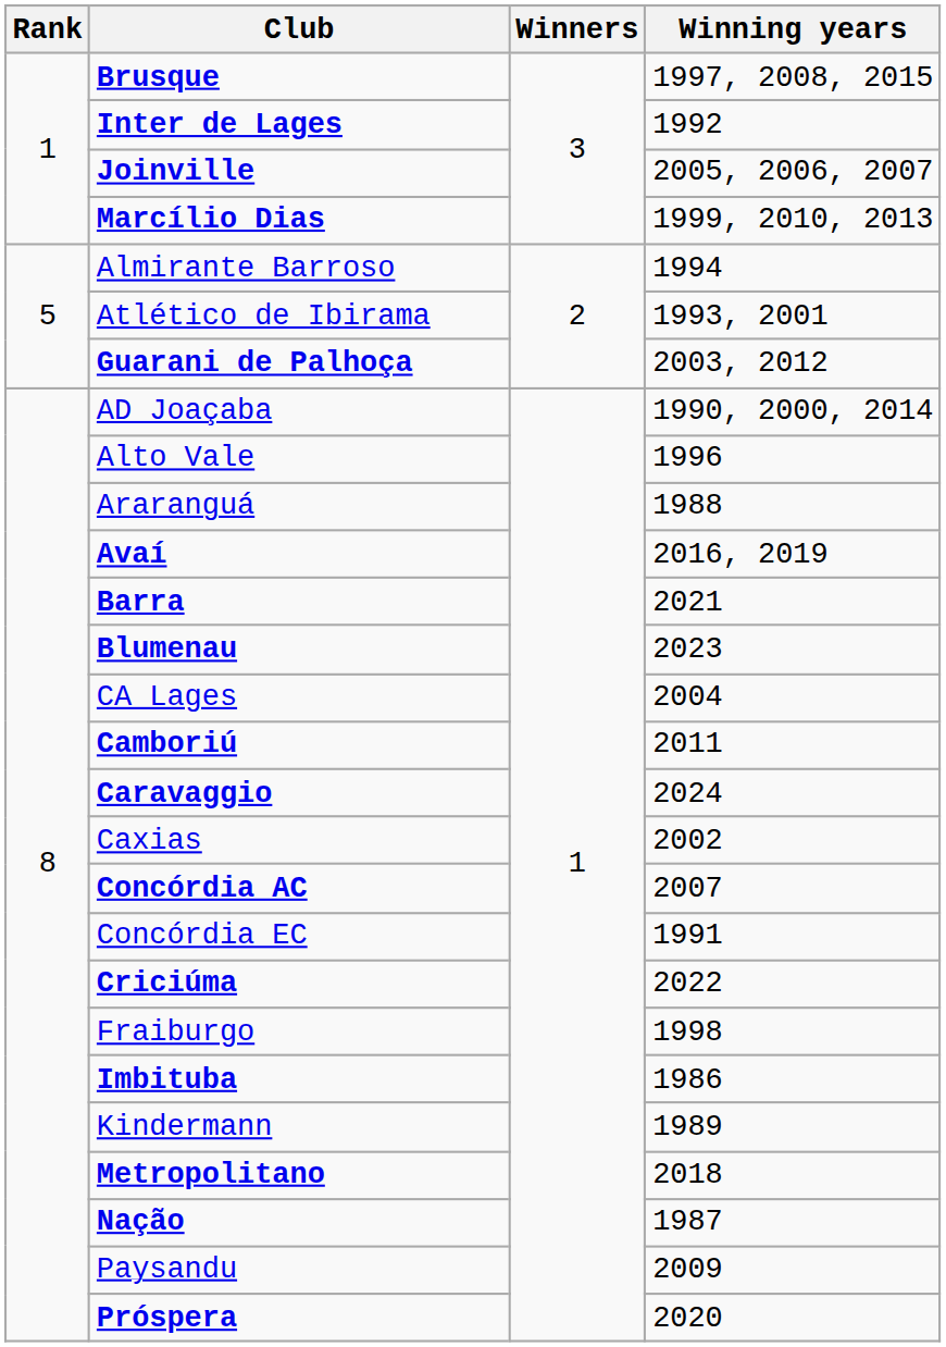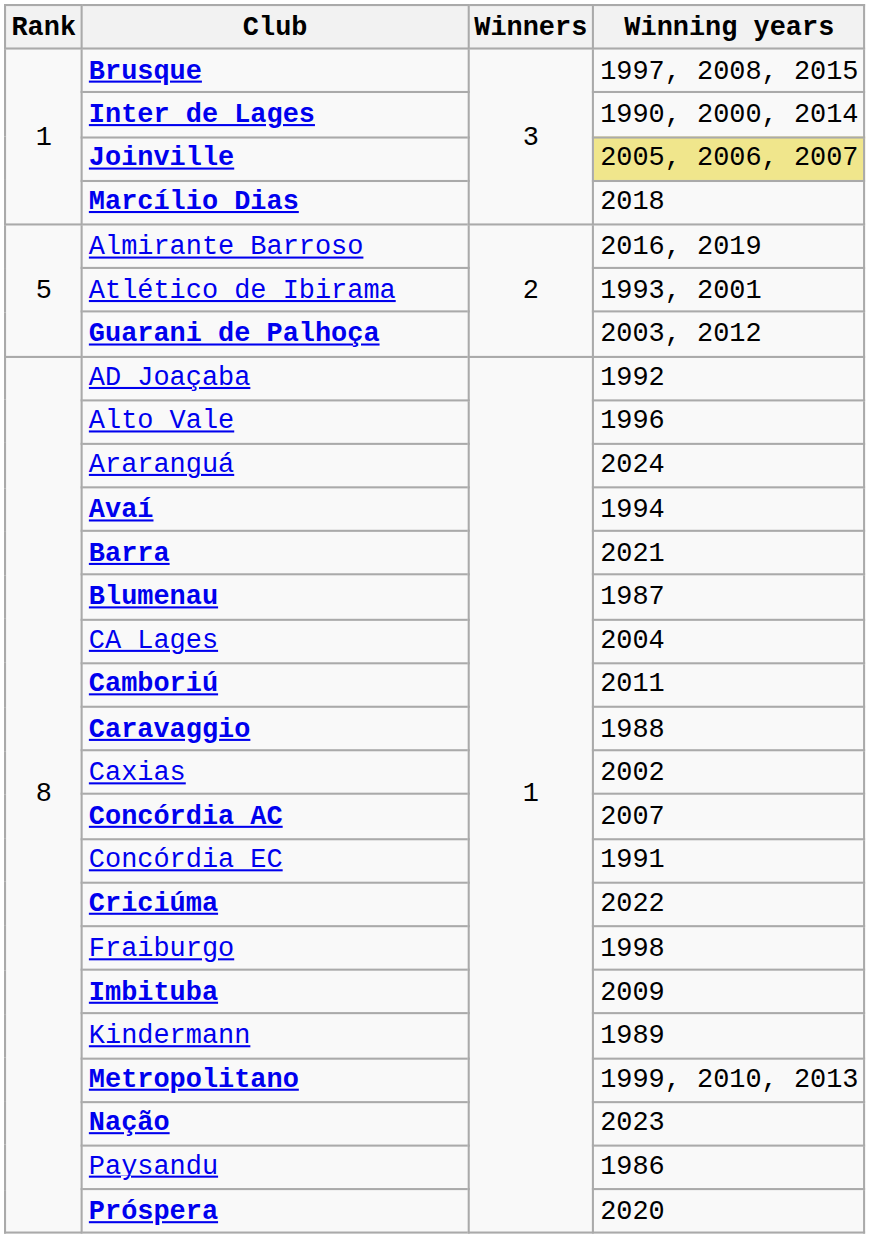 <table class="wikitable sortable">
 <tr>
 <th>Rank</th>
 <th style="width:180px">Club</th>
 <th>Winners</th>
 <th>Winning years</th>
 </tr>
 <tr>
 <td rowspan=4 align=center>1</td>
 <td><strong><a href='#'>Brusque</a></strong></td>
 <td rowspan=4 align=center>3</td>
 <td>1997, 2008, 2015</td>
 </tr>
 <tr>
 <td><strong><a href='#'>Inter de Lages</a> </strong></td>
-<td>1992</td>
+<td>1990, 2000, 2014</td>
 </tr>
 <tr>
 <td><strong><a href='#'>Joinville</a></strong></td>
-<td>2005, 2006, 2007</td>
+<td style="background: khaki;">2005, 2006, 2007</td>
 </tr>
 <tr>
 <td><strong><a href='#'>Marcílio Dias</a></strong></td>
-<td>1999, 2010, 2013</td>
+<td>2018</td>
 </tr>
 <tr>
 <td rowspan=3 align=center>5</td>
 <td><a href='#'>Almirante Barroso</a></td>
 <td rowspan=3 align=center>2</td>
-<td>1994</td>
+<td>2016, 2019</td>
 </tr>
 <tr>
 <td><a href='#'>Atlético de Ibirama</a></td>
 <td>1993, 2001</td>
 </tr>
 <tr>
 <td><strong><a href='#'>Guarani de Palhoça</a></strong></td>
 <td>2003, 2012</td>
 </tr>
 <tr>
 <td rowspan=20 align=center>8</td>
 <td><a href='#'>AD Joaçaba</a></td>
 <td rowspan=20 align=center>1</td>
-<td>1990, 2000, 2014</td>
+<td>1992</td>
 </tr>
 <tr>
 <td><a href='#'>Alto Vale</a></td>
 <td>1996</td>
 </tr>
 <tr>
 <td><a href='#'>Araranguá</a></td>
-<td>1988</td>
+<td>2024</td>
 </tr>
 <tr>
 <td><strong><a href='#'>Avaí</a></strong></td>
-<td>2016, 2019</td>
+<td>1994</td>
 </tr>
 <tr>
 <td><strong><a href='#'>Barra</a></strong></td>
 <td>2021</td>
 </tr>
 <tr>
 <td><strong><a href='#'>Blumenau</a></strong></td>
-<td>2023</td>
+<td>1987</td>
 </tr>
 <tr>
 <td><a href='#'>CA Lages</a></td>
 <td>2004</td>
 </tr>
 <tr>
 <td><strong><a href='#'>Camboriú</a></strong></td>
 <td>2011</td>
 </tr>
 <tr>
 <td><strong><a href='#'>Caravaggio</a></strong></td>
-<td>2024</td>
+<td>1988</td>
 </tr>
 <tr>
 <td><a href='#'>Caxias</a></td>
 <td>2002</td>
 </tr>
 <tr>
 <td><strong><a href='#'>Concórdia AC</a></strong></td>
 <td>2007</td>
 </tr>
 <tr>
 <td><a href='#'>Concórdia EC</a></td>
 <td>1991</td>
 </tr>
 <tr>
 <td><strong><a href='#'>Criciúma</a></strong></td>
 <td>2022</td>
 </tr>
 <tr>
 <td><a href='#'>Fraiburgo</a></td>
 <td>1998</td>
 </tr>
 <tr>
 <td><strong><a href='#'>Imbituba</a></strong></td>
-<td>1986</td>
+<td>2009</td>
 </tr>
 <tr>
 <td><a href='#'>Kindermann</a></td>
 <td>1989</td>
 </tr>
 <tr>
 <td><strong><a href='#'>Metropolitano</a></strong></td>
-<td>2018</td>
+<td>1999, 2010, 2013</td>
 </tr>
 <tr>
 <td><strong><a href='#'>Nação</a></strong></td>
-<td>1987</td>
+<td>2023</td>
 </tr>
 <tr>
 <td><a href='#'>Paysandu</a></td>
-<td>2009</td>
+<td>1986</td>
 </tr>
 <tr>
 <td><strong><a href='#'>Próspera</a></strong></td>
 <td>2020</td>
 </tr>
 </table>
